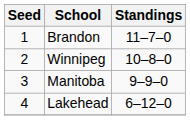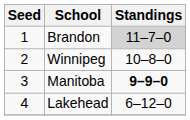 <table class="wikitable">
 <tr>
 <th>Seed</th>
 <th>School</th>
 <th>Standings</th>
 </tr>
 <tr>
 <td style="text-align:center">1</td>
 <td>Brandon</td>
-<td style="text-align:center">11–7–0</td>
+<td style="background: lightgrey; text-align:center">11–7–0</td>
 </tr>
 <tr>
 <td style="text-align:center">2</td>
 <td>Winnipeg</td>
 <td style="text-align:center">10–8–0</td>
 </tr>
 <tr>
 <td style="text-align:center">3</td>
 <td>Manitoba</td>
-<td style="text-align:center">9–9–0</td>
+<td style="text-align:center"><strong>9–9–0</strong></td>
 </tr>
 <tr>
 <td style="text-align:center">4</td>
 <td>Lakehead</td>
 <td style="text-align:center">6–12–0</td>
 </tr>
 <tr>
 </tr>
 </table>
